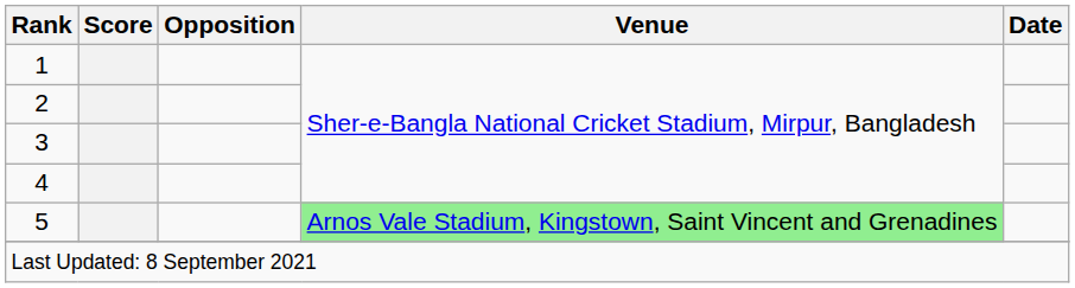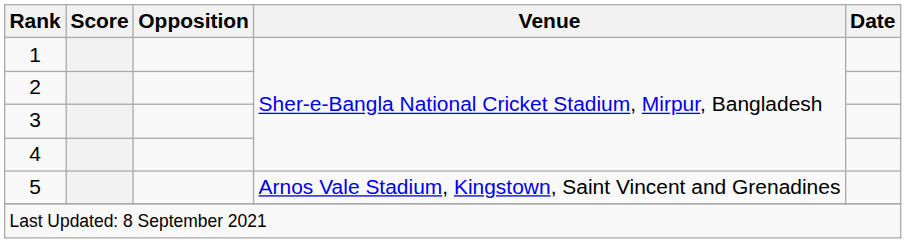 <table class="wikitable plainrowheaders sortable">
 <tr>
 <th scope=col>Rank</th>
 <th scope=col>Score</th>
 <th scope=col>Opposition</th>
 <th scope=col>Venue</th>
 <th scope=col>Date</th>
 </tr>
 <tr>
 <td align=center>1</td>
 <th scope=row style=text-align:center;></th>
 <td></td>
 <td rowspan=4><a href='#'>Sher-e-Bangla National Cricket Stadium</a>, <a href='#'>Mirpur</a>, Bangladesh</td>
 <td></td>
 </tr>
 <tr>
 <td align=center>2</td>
 <th scope=row style=text-align:center;></th>
 <td></td>
 <td></td>
 </tr>
 <tr>
 <td align=center>3</td>
 <th scope=row style=text-align:center;></th>
 <td></td>
 <td> </td>
 </tr>
 <tr>
 <td align=center>4</td>
 <th scope=row style=text-align:center;></th>
 <td></td>
 <td></td>
 </tr>
 <tr>
 <td align=center>5</td>
 <th scope=row style=text-align:center;></th>
 <td></td>
-<td style="background: lightgreen;"><a href='#'>Arnos Vale Stadium</a>, <a href='#'>Kingstown</a>, Saint Vincent and Grenadines</td>
+<td><a href='#'>Arnos Vale Stadium</a>, <a href='#'>Kingstown</a>, Saint Vincent and Grenadines</td>
 <td></td>
 </tr>
 <tr>
 </tr>
 <tr class=sortbottom>
 <td colspan=5><small>Last Updated: 8 September 2021</small></td>
 </tr>
 </table>
